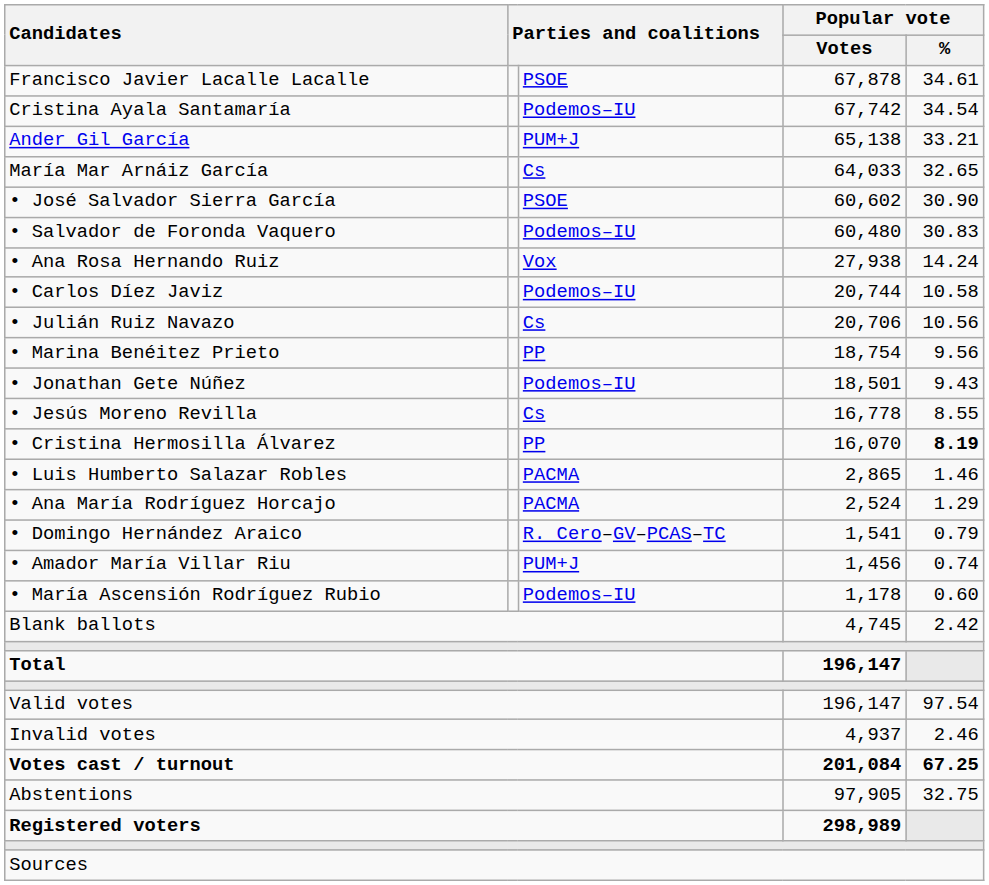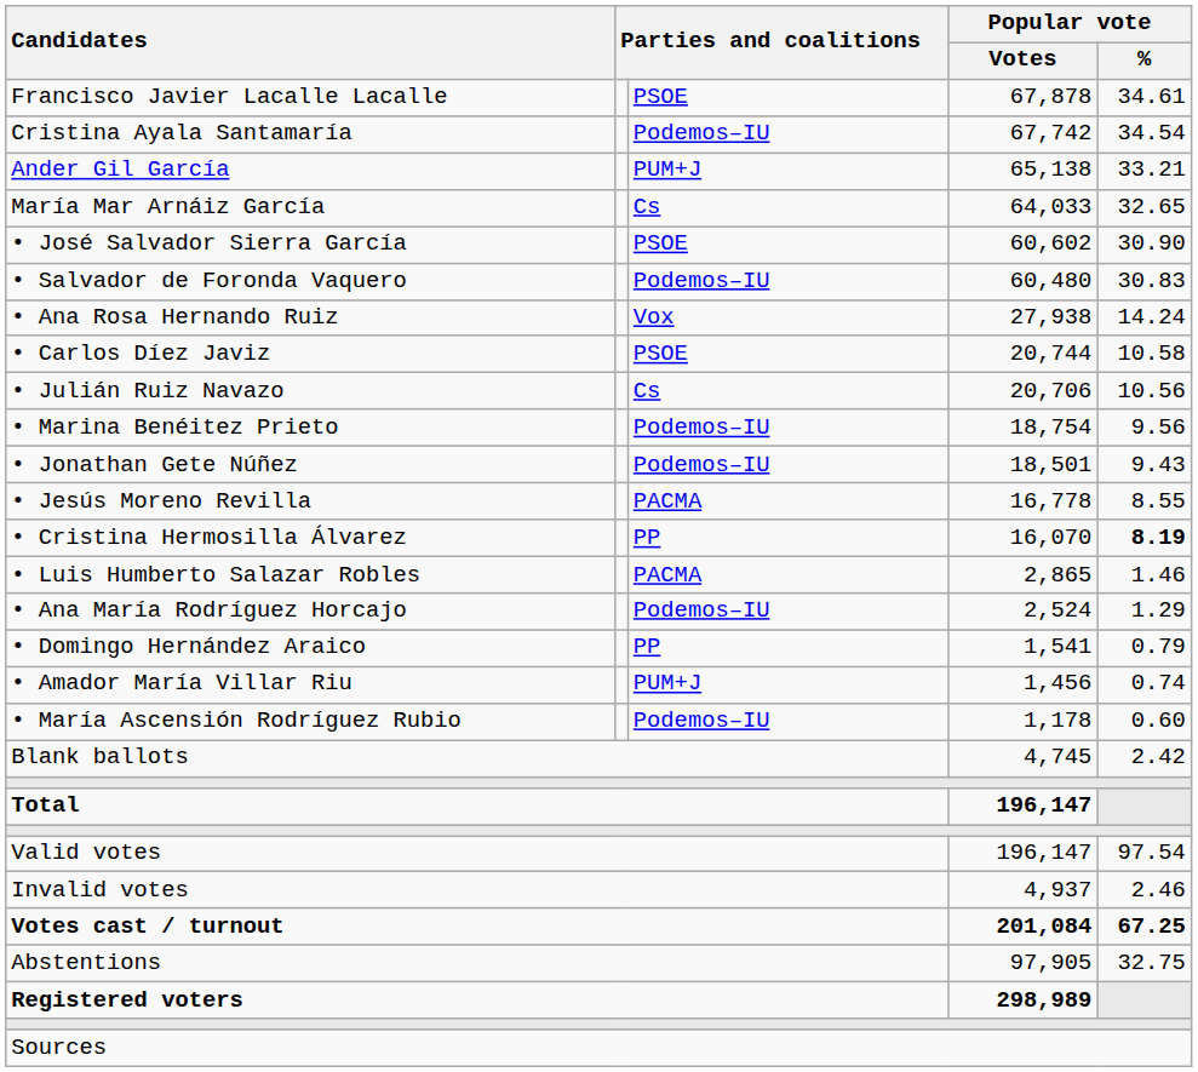 <table class="wikitable" style="text-align:right; font-size:95%;">
 <tr>
 <th style="text-align:left;" rowspan="2" width="325">Candidates</th>
 <th style="text-align:left;" rowspan="2" colspan="2" width="175">Parties and coalitions</th>
 <th colspan="2">Popular vote</th>
 </tr>
 <tr>
 <th width="75">Votes</th>
 <th width="45">%</th>
 </tr>
 <tr>
 <td align="left"> Francisco Javier Lacalle Lacalle</td>
 <td width="1" style="color:inherit;background:"></td>
 <td align="left"><a href='#'>PSOE</a></td>
 <td>67,878</td>
 <td>34.61</td>
 </tr>
 <tr>
 <td align="left"> Cristina Ayala Santamaría</td>
 <td style="color:inherit;background:"></td>
 <td align="left"><a href='#'>Podemos–IU</a></td>
 <td>67,742</td>
 <td>34.54</td>
 </tr>
 <tr>
 <td align="left"> <a href='#'>Ander Gil García</a></td>
 <td style="color:inherit;background:"></td>
 <td align="left"><a href='#'>PUM+J</a></td>
 <td>65,138</td>
 <td>33.21</td>
 </tr>
 <tr>
 <td align="left"> María Mar Arnáiz García</td>
 <td style="color:inherit;background:"></td>
 <td align="left"><a href='#'>Cs</a></td>
 <td>64,033</td>
 <td>32.65</td>
 </tr>
 <tr>
 <td align="left">• José Salvador Sierra García</td>
 <td style="color:inherit;background:"></td>
 <td align="left"><a href='#'>PSOE</a></td>
 <td>60,602</td>
 <td>30.90</td>
 </tr>
 <tr>
 <td align="left">• Salvador de Foronda Vaquero</td>
 <td style="color:inherit;background:"></td>
 <td align="left"><a href='#'>Podemos–IU</a></td>
 <td>60,480</td>
 <td>30.83</td>
 </tr>
 <tr>
 <td align="left">• Ana Rosa Hernando Ruiz</td>
 <td style="color:inherit;background:"></td>
 <td align="left"><a href='#'>Vox</a></td>
 <td>27,938</td>
 <td>14.24</td>
 </tr>
 <tr>
 <td align="left">• Carlos Díez Javiz</td>
 <td style="color:inherit;background:"></td>
-<td align="left"><a href='#'>Podemos–IU</a></td>
+<td align="left"><a href='#'>PSOE</a></td>
 <td>20,744</td>
 <td>10.58</td>
 </tr>
 <tr>
 <td align="left">• Julián Ruiz Navazo</td>
 <td style="color:inherit;background:"></td>
 <td align="left"><a href='#'>Cs</a></td>
 <td>20,706</td>
 <td>10.56</td>
 </tr>
 <tr>
 <td align="left">• Marina Benéitez Prieto</td>
 <td style="color:inherit;background:"></td>
-<td align="left"><a href='#'>PP</a></td>
+<td align="left"><a href='#'>Podemos–IU</a></td>
 <td>18,754</td>
 <td>9.56</td>
 </tr>
 <tr>
 <td align="left">• Jonathan Gete Núñez</td>
 <td style="color:inherit;background:"></td>
 <td align="left"><a href='#'>Podemos–IU</a></td>
 <td>18,501</td>
 <td>9.43</td>
 </tr>
 <tr>
 <td align="left">• Jesús Moreno Revilla</td>
 <td style="color:inherit;background:"></td>
-<td align="left"><a href='#'>Cs</a></td>
+<td align="left"><a href='#'>PACMA</a></td>
 <td>16,778</td>
 <td>8.55</td>
 </tr>
 <tr>
 <td align="left">• Cristina Hermosilla Álvarez</td>
 <td style="color:inherit;background:"></td>
 <td align="left"><a href='#'>PP</a></td>
 <td>16,070</td>
 <td><strong>8.19</strong></td>
 </tr>
 <tr>
 <td align="left">• Luis Humberto Salazar Robles</td>
 <td style="color:inherit;background:"></td>
 <td align="left"><a href='#'>PACMA</a></td>
 <td>2,865</td>
 <td>1.46</td>
 </tr>
 <tr>
 <td align="left">• Ana María Rodríguez Horcajo</td>
 <td style="color:inherit;background:"></td>
-<td align="left"><a href='#'>PACMA</a></td>
+<td align="left"><a href='#'>Podemos–IU</a></td>
 <td>2,524</td>
 <td>1.29</td>
 </tr>
 <tr>
 <td align="left">• Domingo Hernández Araico</td>
 <td style="color:inherit;background:"></td>
-<td align="left"><a href='#'>R. Cero</a>–<a href='#'>GV</a>–<a href='#'>PCAS</a>–<a href='#'>TC</a></td>
+<td align="left"><a href='#'>PP</a></td>
 <td>1,541</td>
 <td>0.79</td>
 </tr>
 <tr>
 <td align="left">• Amador María Villar Riu</td>
 <td style="color:inherit;background:"></td>
 <td align="left"><a href='#'>PUM+J</a></td>
 <td>1,456</td>
 <td>0.74</td>
 </tr>
 <tr>
 <td align="left">• María Ascensión Rodríguez Rubio</td>
 <td style="color:inherit;background:"></td>
 <td align="left"><a href='#'>Podemos–IU</a></td>
 <td>1,178</td>
 <td>0.60</td>
 </tr>
 <tr>
 <td align="left" colspan="3">Blank ballots</td>
 <td>4,745</td>
 <td>2.42</td>
 </tr>
 <tr>
 <td colspan="5" bgcolor="#E9E9E9"></td>
 </tr>
 <tr style="font-weight:bold;">
 <td align="left" colspan="3">Total</td>
 <td>196,147</td>
 <td bgcolor="#E9E9E9"></td>
 </tr>
 <tr>
 <td colspan="5" bgcolor="#E9E9E9"></td>
 </tr>
 <tr>
 <td align="left" colspan="3">Valid votes</td>
 <td>196,147</td>
 <td>97.54</td>
 </tr>
 <tr>
 <td align="left" colspan="3">Invalid votes</td>
 <td>4,937</td>
 <td>2.46</td>
 </tr>
 <tr style="font-weight:bold;">
 <td align="left" colspan="3">Votes cast / turnout</td>
 <td>201,084</td>
 <td>67.25</td>
 </tr>
 <tr>
 <td align="left" colspan="3">Abstentions</td>
 <td>97,905</td>
 <td>32.75</td>
 </tr>
 <tr style="font-weight:bold;">
 <td align="left" colspan="3">Registered voters</td>
 <td>298,989</td>
 <td bgcolor="#E9E9E9"></td>
 </tr>
 <tr>
 <td colspan="5" bgcolor="#E9E9E9"></td>
 </tr>
 <tr>
 <td align="left" colspan="5">Sources</td>
 </tr>
 </table>
